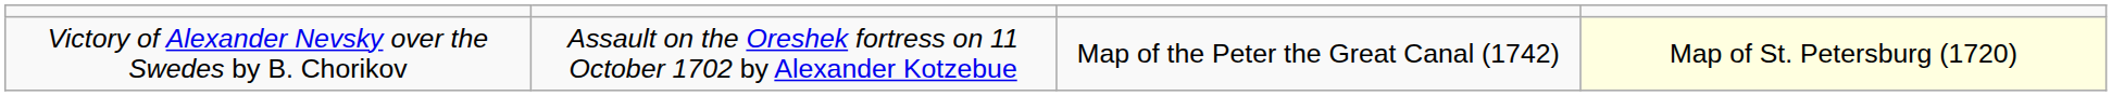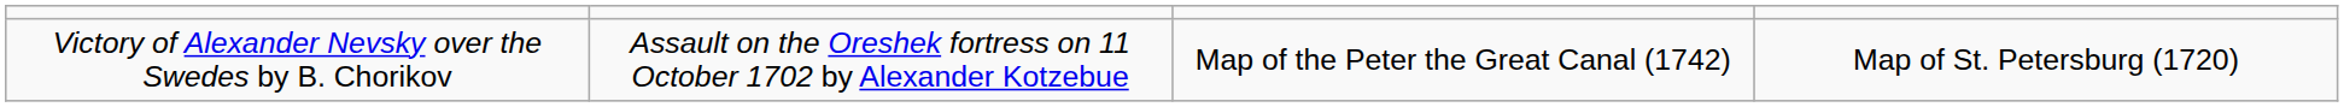 <table Class = "wikitable" style = "text-align: center">
 <tr>
 <td style="width:25%;"></td>
 <td style="width:25%;"></td>
 <td style="width:25%;"></td>
 <td style="width:25%;"></td>
 </tr>
 <tr>
 <td><em>Victory of <a href='#'>Alexander Nevsky</a> over the Swedes</em> by B. Chorikov</td>
 <td><em>Assault on the <a href='#'>Oreshek</a> fortress on 11 October 1702</em> by <a href='#'>Alexander Kotzebue</a></td>
 <td>Map of the Peter the Great Canal (1742)</td>
-<td style="background: lightyellow;">Map of St. Petersburg (1720)</td>
+<td>Map of St. Petersburg (1720)</td>
 </tr>
 </table>
